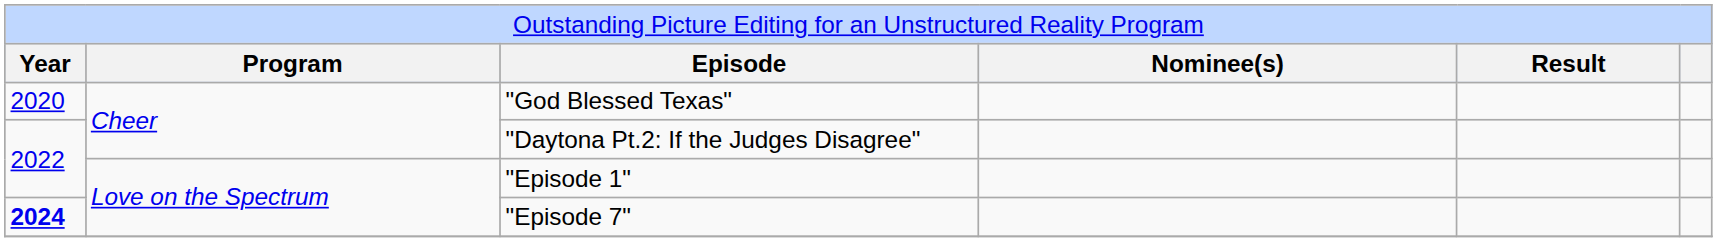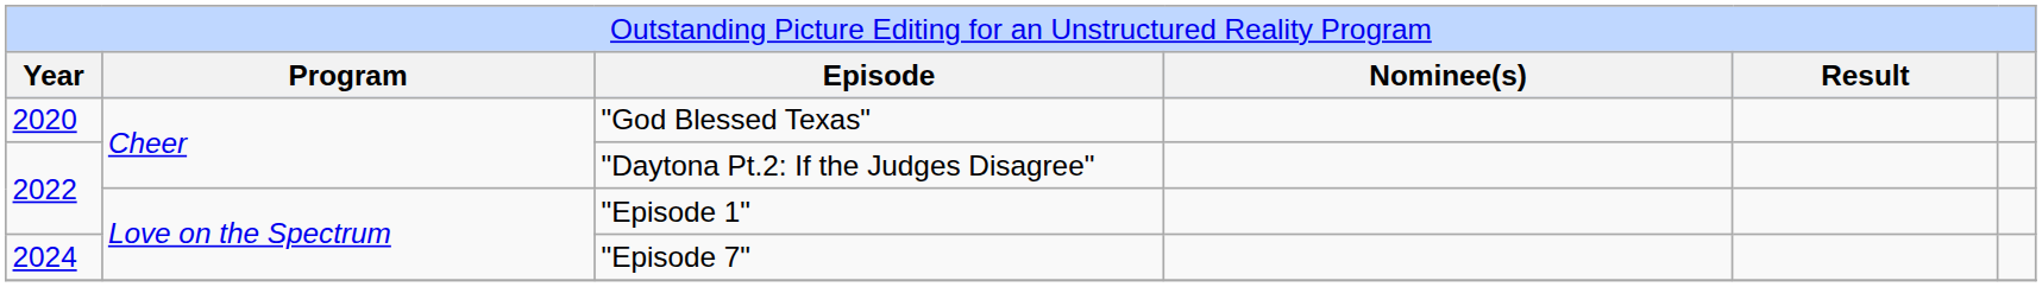 <table class="wikitable plainrowheaders" style="font-size: 90%" width=80%>
 <tr --- bgcolor="#bfd7ff">
 <td colspan=6 align=center><a href='#'>Outstanding Picture Editing for an Unstructured Reality Program</a></td>
 </tr>
 <tr --- bgcolor="#bfd7ff">
 <th scope="col" style="width:1%;">Year</th>
 <th scope="col" style="width:13%;">Program</th>
 <th scope="col" style="width:15%;">Episode</th>
 <th scope="col" style="width:15%;">Nominee(s)</th>
 <th scope="col" style="width:7%;">Result</th>
 <th scope="col" style="width:1%;"></th>
 </tr>
 <tr>
 <td><a href='#'>2020</a></td>
 <td rowspan="2"><em><a href='#'>Cheer</a></em></td>
 <td>"God Blessed Texas"</td>
 <td></td>
 <td></td>
 <td></td>
 </tr>
 <tr>
 <td rowspan="2"><a href='#'>2022</a></td>
 <td>"Daytona Pt.2: If the Judges Disagree"</td>
 <td></td>
 <td></td>
 <td></td>
 </tr>
 <tr>
 <td rowspan="2"><em><a href='#'>Love on the Spectrum</a></em></td>
 <td>"Episode 1"</td>
 <td></td>
 <td></td>
 <td></td>
 </tr>
 <tr>
-<td><strong><a href='#'>2024</a></strong></td>
+<td><a href='#'>2024</a></td>
 <td>"Episode 7"</td>
 <td></td>
 <td></td>
 <td></td>
 </tr>
 <tr>
 </tr>
 </table>
